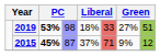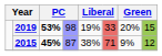 <table class="wikitable" style="width:400; font-size:90%; margin-left:1em;">
 <tr>
 <th colspan="2" scope="col">Year</th>
 <th colspan="2" scope="col"><a href='#'>PC</a></th>
 <th colspan="2" scope="col"><a href='#'>Liberal</a></th>
 <th colspan="2" scope="col"><a href='#'>Green</a></th>
 </tr>
 <tr>
 <td rowspan="2" style="width: 0.25em; background-color: "></td>
 <th><a href='#'>2019</a></th>
 <td><strong>53%</strong></td>
 <td style="text-align:right; background:#9999FF;">98</td>
-<td>18%</td>
+<td>19%</td>
 <td style="text-align:right; background:#EA6D6A;">33</td>
-<td>27%</td>
-<td style="text-align:right; background:#99C955;">51</td>
+<td>20%</td>
+<td style="text-align:right; background:#99C955;">15</td>
 </tr>
 <tr>
 <th><a href='#'>2015</a></th>
 <td><strong>45%</strong></td>
 <td style="text-align:right; background:#9999FF;">87</td>
-<td>37%</td>
+<td>38%</td>
 <td style="text-align:right; background:#EA6D6A;">71</td>
 <td>9%</td>
 <td style="text-align:right; background:#99C955;">12</td>
 </tr>
 <tr>
 </tr>
 </table>
